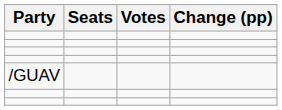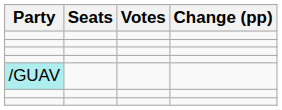 <table class="wikitable" style="text-align:right;">
 <tr>
 <th>Party</th>
 <th>Seats</th>
 <th>Votes</th>
 <th colspan="3">Change (pp)</th>
 </tr>
 <tr>
 <td style="text-align:left;"></td>
 <td></td>
 <td></td>
 <td></td>
 </tr>
 <tr>
 <td style="text-align:left;"></td>
 <td></td>
 <td></td>
 <td></td>
 </tr>
 <tr>
 <td style="text-align:left;"></td>
 <td></td>
 <td></td>
 <td></td>
 </tr>
 <tr>
 <td style="text-align:left;"></td>
 <td></td>
 <td></td>
 <td></td>
 </tr>
 <tr>
-<td style="text-align:left;">/GUAV</td>
+<td style="background: paleturquoise; text-align:left;">/GUAV</td>
 <td></td>
 <td></td>
 <td></td>
 </tr>
 <tr>
 <td style="text-align:left;"></td>
 <td></td>
 <td></td>
 <td></td>
 </tr>
 <tr>
 <td style="text-align:left;"></td>
 <td></td>
 <td></td>
 <td></td>
 </tr>
 </table>
